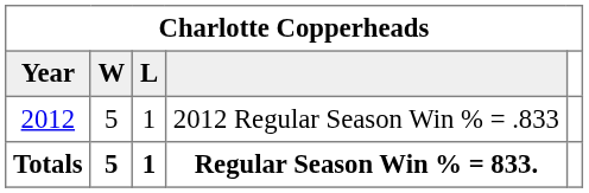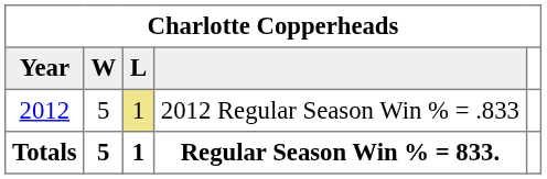 <table class="toccolours" border="1" cellpadding="4" cellspacing="2" style="border-collapse: collapse;">
 <tr>
 <td colspan="5" align="center"><strong>Charlotte Copperheads</strong></td>
 </tr>
 <tr bgcolor="#efefef">
 <th>Year</th>
 <th>W</th>
 <th>L</th>
 <th></th>
 </tr>
 <tr ALIGN=center>
 <td><a href='#'>2012</a></td>
 <td>5</td>
-<td>1</td>
+<td style="background: khaki;">1</td>
 <td>2012 Regular Season Win % = .833</td>
 <td></td>
 </tr>
 <tr ALIGN=center>
 <th><strong>Totals</strong></th>
 <th><strong>5</strong></th>
 <th><strong>1</strong></th>
 <th><strong>Regular Season Win % = 833.</strong></th>
 <th><br></th>
 </tr>
 </table>
